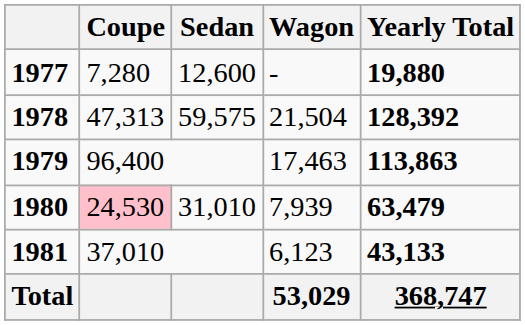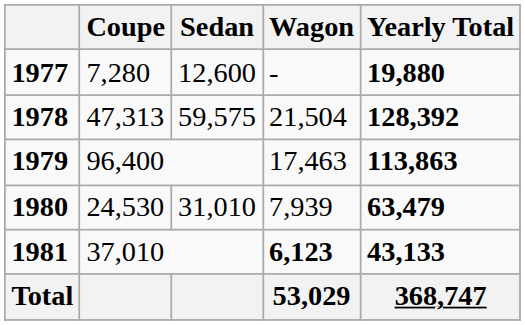 <table class="wikitable">
 <tr>
 <th></th>
 <th>Coupe</th>
 <th>Sedan</th>
 <th>Wagon</th>
 <th>Yearly Total</th>
 </tr>
 <tr>
 <td><strong>1977</strong></td>
 <td>7,280</td>
 <td>12,600</td>
 <td>-</td>
 <td><strong>19,880</strong></td>
 </tr>
 <tr>
 <td><strong>1978</strong></td>
 <td>47,313</td>
 <td>59,575</td>
 <td>21,504</td>
 <td><strong>128,392</strong></td>
 </tr>
 <tr>
 <td><strong>1979</strong></td>
 <td colspan="2">96,400</td>
 <td>17,463</td>
 <td><strong>113,863</strong></td>
 </tr>
 <tr>
 <td><strong>1980</strong></td>
-<td style="background: pink;">24,530</td>
+<td>24,530</td>
 <td>31,010</td>
 <td>7,939</td>
 <td><strong>63,479</strong></td>
 </tr>
 <tr>
 <td><strong>1981</strong></td>
 <td colspan="2">37,010</td>
-<td>6,123</td>
+<td><strong>6,123</strong></td>
 <td><strong>43,133</strong></td>
 </tr>
 <tr>
 <th>Total</th>
 <th></th>
 <th></th>
 <th>53,029</th>
 <th><u>368,747</u></th>
 </tr>
 </table>
